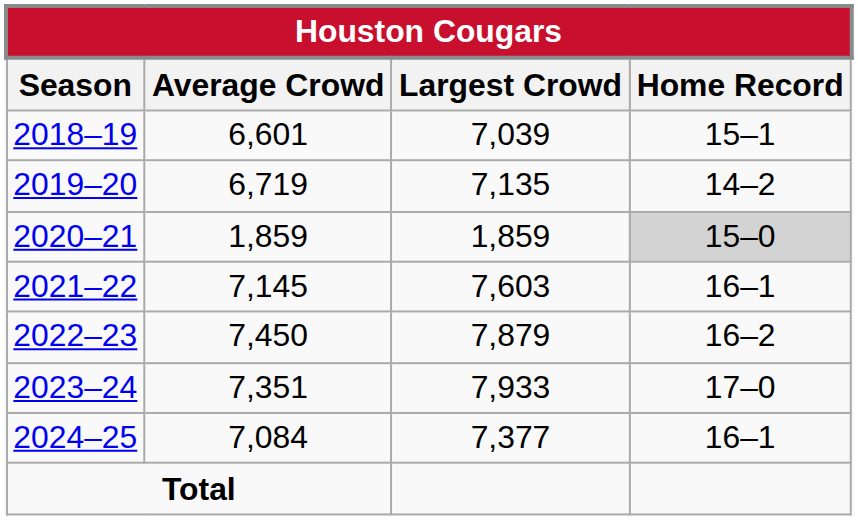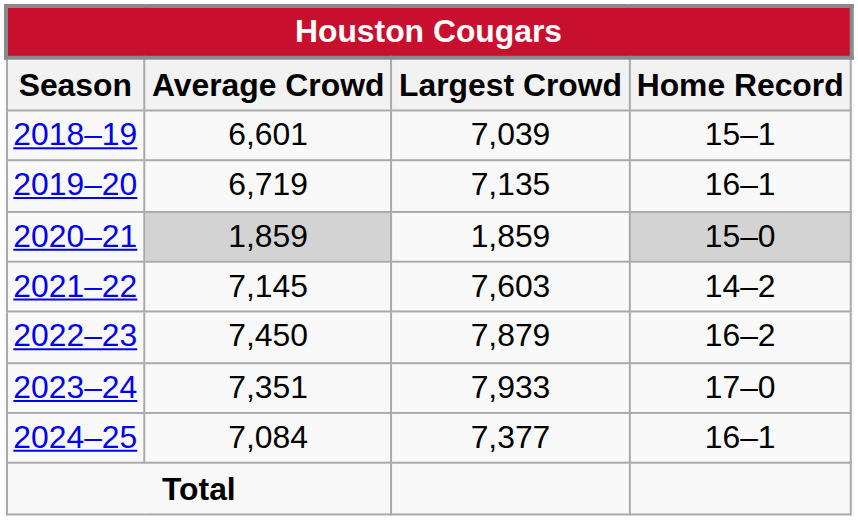 <table class="wikitable" style="text-align:center;">
 <tr>
 <th colspan="4" style="background:#C8102E; color:white; border: 2px solid #888B8D">Houston Cougars</th>
 </tr>
 <tr>
 <th>Season</th>
 <th>Average Crowd</th>
 <th>Largest Crowd</th>
 <th>Home Record</th>
 </tr>
 <tr>
 <td><a href='#'>2018–19</a></td>
 <td>6,601</td>
 <td>7,039</td>
 <td>15–1</td>
 </tr>
 <tr>
 <td><a href='#'>2019–20</a></td>
 <td>6,719</td>
 <td>7,135</td>
-<td>14–2</td>
+<td>16–1</td>
 </tr>
 <tr>
 <td><a href='#'>2020–21</a></td>
-<td>1,859</td>
+<td style="background: lightgrey;">1,859</td>
 <td>1,859</td>
 <td style="background: lightgrey;">15–0</td>
 </tr>
 <tr>
 <td><a href='#'>2021–22</a></td>
 <td>7,145</td>
 <td>7,603</td>
-<td>16–1</td>
+<td>14–2</td>
 </tr>
 <tr>
 <td><a href='#'>2022–23</a></td>
 <td>7,450</td>
 <td>7,879</td>
 <td>16–2</td>
 </tr>
 <tr>
 <td><a href='#'>2023–24</a></td>
 <td>7,351</td>
 <td>7,933</td>
 <td>17–0</td>
 </tr>
 <tr>
 <td><a href='#'>2024–25</a></td>
 <td>7,084</td>
 <td>7,377</td>
 <td>16–1</td>
 </tr>
 <tr>
 <td colspan="2"><strong>Total</strong></td>
 <td></td>
 <td><strong></strong></td>
 </tr>
 </table>
